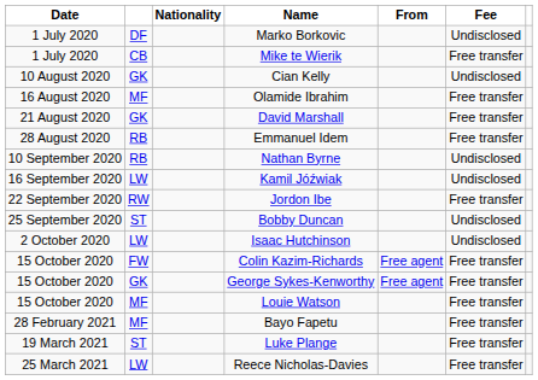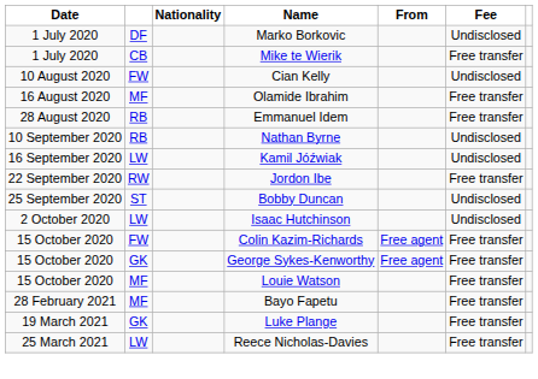 <table class="wikitable" style="text-align:center;">
 <tr>
 <th style="color:#000000; background:#ffffff; ">Date</th>
 <th style="color:#000000; background:#ffffff; "></th>
 <th style="color:#000000; background:#ffffff; ">Nationality</th>
 <th style="color:#000000; background:#ffffff; ">Name</th>
 <th style="color:#000000; background:#ffffff; ">From</th>
 <th style="color:#000000; background:#ffffff; ">Fee</th>
 <th style="color:#000000; background:#ffffff; "></th>
 </tr>
 <tr>
 <td>1 July 2020</td>
 <td><a href='#'>DF</a></td>
 <td></td>
 <td>Marko Borkovic</td>
 <td></td>
 <td>Undisclosed</td>
 <td></td>
 </tr>
 <tr>
 <td>1 July 2020</td>
 <td><a href='#'>CB</a></td>
 <td></td>
 <td><a href='#'>Mike te Wierik</a></td>
 <td></td>
 <td>Free transfer</td>
 <td></td>
 </tr>
 <tr>
 <td>10 August 2020</td>
-<td><a href='#'>GK</a></td>
+<td><a href='#'>FW</a></td>
 <td></td>
 <td>Cian Kelly</td>
 <td></td>
 <td>Undisclosed</td>
 <td></td>
 </tr>
 <tr>
 <td>16 August 2020</td>
 <td><a href='#'>MF</a></td>
 <td></td>
 <td>Olamide Ibrahim</td>
-<td></td>
-<td>Free transfer</td>
-<td></td>
-</tr>
-<tr>
-<td>21 August 2020</td>
-<td><a href='#'>GK</a></td>
-<td></td>
-<td><a href='#'>David Marshall</a></td>
 <td></td>
 <td>Free transfer</td>
 <td></td>
 </tr>
 <tr>
 <td>28 August 2020</td>
 <td><a href='#'>RB</a></td>
 <td></td>
 <td>Emmanuel Idem</td>
 <td></td>
 <td>Free transfer</td>
 <td></td>
 </tr>
 <tr>
 <td>10 September 2020</td>
 <td><a href='#'>RB</a></td>
 <td></td>
 <td><a href='#'>Nathan Byrne</a></td>
 <td></td>
 <td>Undisclosed</td>
 <td></td>
 </tr>
 <tr>
 <td>16 September 2020</td>
 <td><a href='#'>LW</a></td>
 <td></td>
 <td><a href='#'>Kamil Jóźwiak</a></td>
 <td></td>
 <td>Undisclosed</td>
 <td></td>
 </tr>
 <tr>
 <td>22 September 2020</td>
 <td><a href='#'>RW</a></td>
 <td></td>
 <td><a href='#'>Jordon Ibe</a></td>
 <td></td>
 <td>Free transfer</td>
 <td></td>
 </tr>
 <tr>
 <td>25 September 2020</td>
 <td><a href='#'>ST</a></td>
 <td></td>
 <td><a href='#'>Bobby Duncan</a></td>
 <td></td>
 <td>Undisclosed</td>
 <td></td>
 </tr>
 <tr>
 <td>2 October 2020</td>
 <td><a href='#'>LW</a></td>
 <td></td>
 <td><a href='#'>Isaac Hutchinson</a></td>
 <td></td>
 <td>Undisclosed</td>
 <td></td>
 </tr>
 <tr>
 <td>15 October 2020</td>
 <td><a href='#'>FW</a></td>
 <td></td>
 <td><a href='#'>Colin Kazim-Richards</a></td>
 <td><a href='#'>Free agent</a></td>
 <td>Free transfer</td>
 <td></td>
 </tr>
 <tr>
 <td>15 October 2020</td>
 <td><a href='#'>GK</a></td>
 <td></td>
 <td><a href='#'>George Sykes-Kenworthy</a></td>
 <td><a href='#'>Free agent</a></td>
 <td>Free transfer</td>
 <td></td>
 </tr>
 <tr>
 <td>15 October 2020</td>
 <td><a href='#'>MF</a></td>
 <td></td>
 <td><a href='#'>Louie Watson</a></td>
 <td></td>
 <td>Free transfer</td>
 <td></td>
 </tr>
 <tr>
 <td>28 February 2021</td>
 <td><a href='#'>MF</a></td>
 <td></td>
 <td>Bayo Fapetu</td>
 <td></td>
 <td>Free transfer</td>
 <td></td>
 </tr>
 <tr>
 <td>19 March 2021</td>
-<td><a href='#'>ST</a></td>
+<td><a href='#'>GK</a></td>
 <td></td>
 <td><a href='#'>Luke Plange</a></td>
 <td></td>
 <td>Free transfer</td>
 <td></td>
 </tr>
 <tr>
 <td>25 March 2021</td>
 <td><a href='#'>LW</a></td>
 <td></td>
 <td>Reece Nicholas-Davies</td>
 <td></td>
 <td>Free transfer</td>
 <td></td>
 </tr>
 </table>
